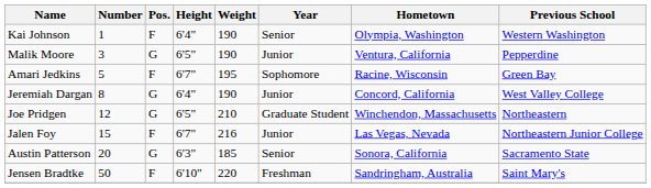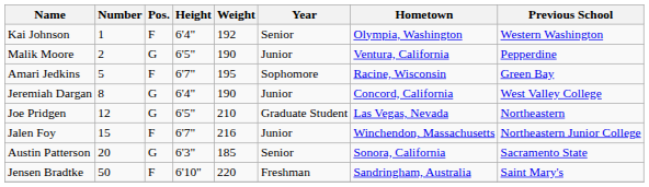 <table class="wikitable sortable" border="1">
 <tr align=center>
 <th style="background:#">Name</th>
 <th style="background:#">Number</th>
 <th style="background:#">Pos.</th>
 <th style="background:#">Height</th>
 <th style="background:#">Weight</th>
 <th style="background:#">Year</th>
 <th style="background:#">Hometown</th>
 <th style="background:#">Previous School</th>
 </tr>
 <tr>
 <td>Kai Johnson</td>
 <td>1</td>
 <td>F</td>
 <td>6'4"</td>
-<td>190</td>
+<td>192</td>
 <td>Senior</td>
 <td><a href='#'>Olympia, Washington</a></td>
 <td><a href='#'>Western Washington</a></td>
 </tr>
 <tr>
 <td>Malik Moore</td>
-<td>3</td>
+<td>2</td>
 <td>G</td>
 <td>6'5"</td>
 <td>190</td>
 <td>Junior</td>
 <td><a href='#'>Ventura, California</a></td>
 <td><a href='#'>Pepperdine</a></td>
 </tr>
 <tr>
 <td>Amari Jedkins</td>
 <td>5</td>
 <td>F</td>
 <td>6'7"</td>
 <td>195</td>
 <td> Sophomore</td>
 <td><a href='#'>Racine, Wisconsin</a></td>
 <td><a href='#'>Green Bay</a></td>
 </tr>
 <tr>
 <td>Jeremiah Dargan</td>
 <td>8</td>
 <td>G</td>
 <td>6'4"</td>
 <td>190</td>
 <td>Junior</td>
 <td><a href='#'>Concord, California</a></td>
 <td><a href='#'>West Valley College</a></td>
 </tr>
 <tr>
 <td>Joe Pridgen</td>
 <td>12</td>
 <td>G</td>
 <td>6'5"</td>
 <td>210</td>
 <td>Graduate Student</td>
-<td><a href='#'>Winchendon, Massachusetts</a></td>
+<td><a href='#'>Las Vegas, Nevada</a></td>
 <td><a href='#'>Northeastern</a></td>
 </tr>
 <tr>
 <td>Jalen Foy</td>
 <td>15</td>
 <td>F</td>
 <td>6'7"</td>
 <td>216</td>
 <td>Junior</td>
-<td><a href='#'>Las Vegas, Nevada</a></td>
+<td><a href='#'>Winchendon, Massachusetts</a></td>
 <td><a href='#'>Northeastern Junior College</a></td>
 </tr>
 <tr>
 <td>Austin Patterson</td>
 <td>20</td>
 <td>G</td>
 <td>6'3"</td>
 <td>185</td>
 <td>Senior</td>
 <td><a href='#'>Sonora, California</a></td>
 <td><a href='#'>Sacramento State</a></td>
 </tr>
 <tr>
 <td>Jensen Bradtke</td>
 <td>50</td>
 <td>F</td>
 <td>6'10"</td>
 <td>220</td>
 <td> Freshman</td>
 <td><a href='#'>Sandringham, Australia</a></td>
 <td><a href='#'>Saint Mary's</a></td>
 </tr>
 <tr>
 </tr>
 </table>
